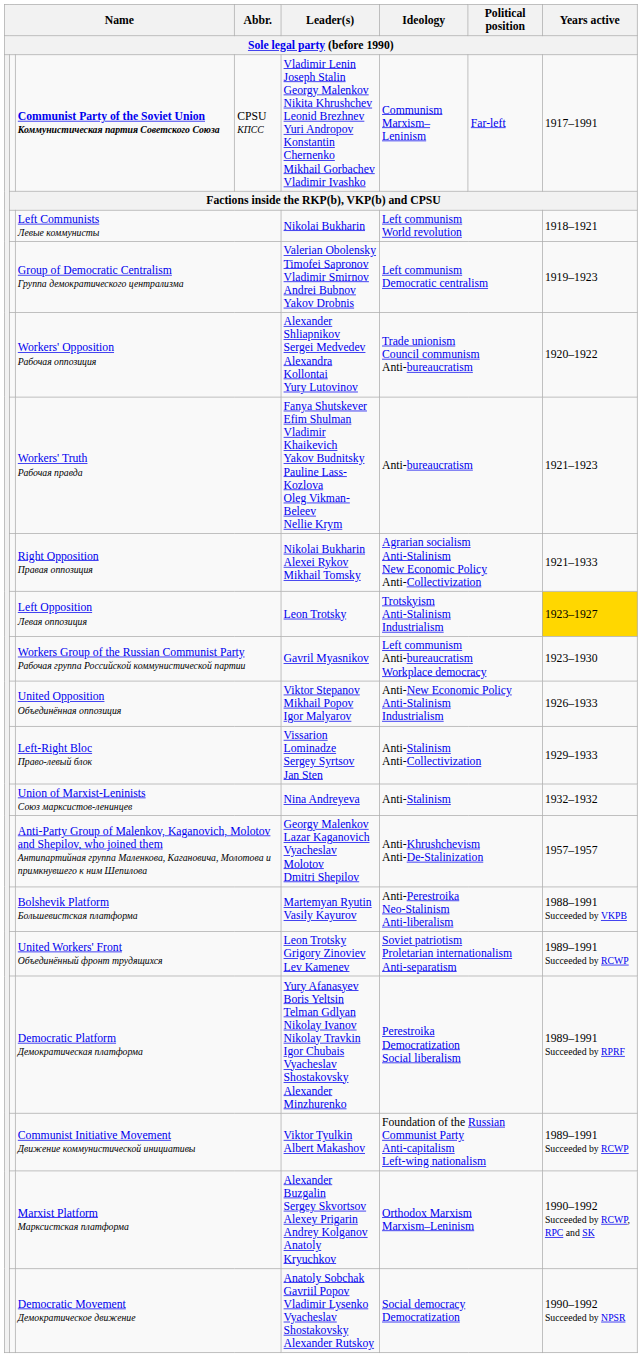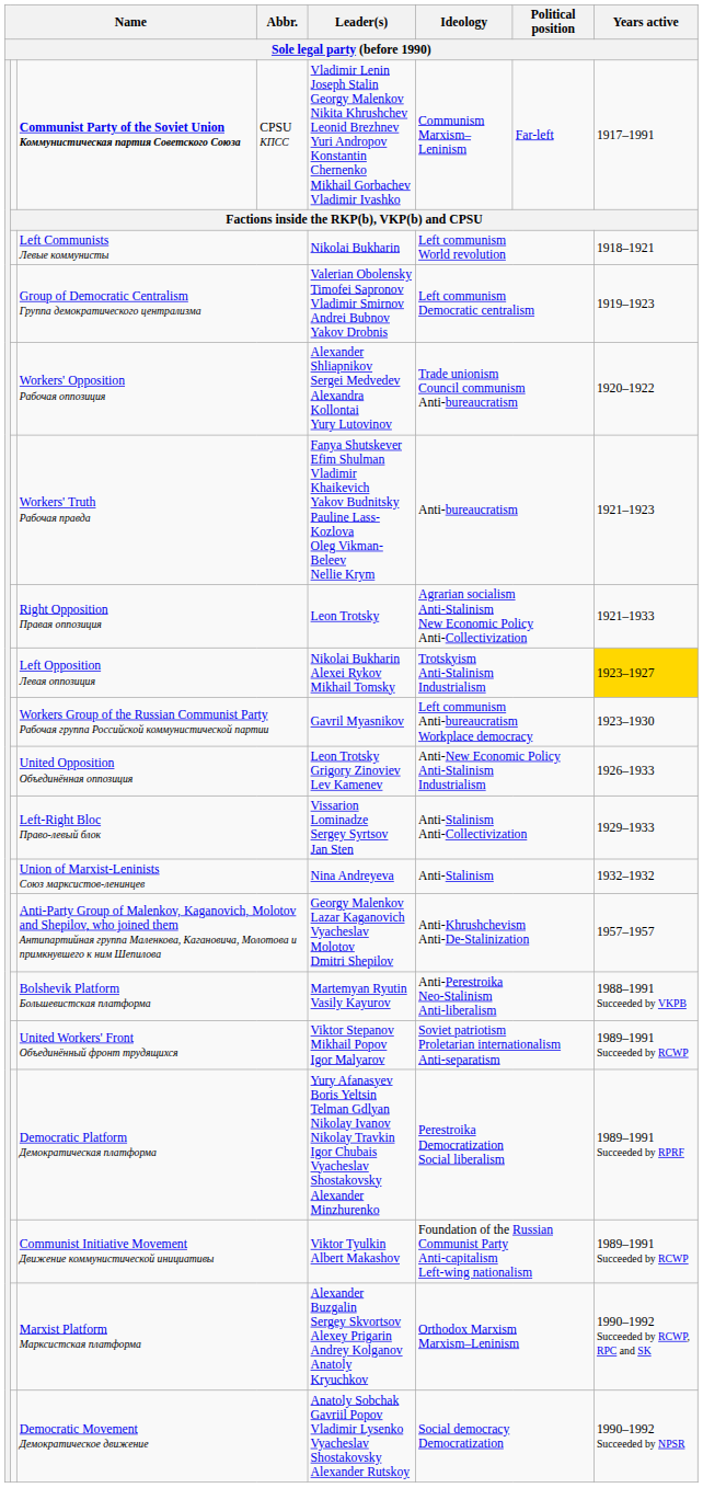 <table class="wikitable sortable">
 <tr>
 <th colspan=3>Name</th>
 <th>Abbr.</th>
 <th>Leader(s)</th>
 <th>Ideology</th>
 <th>Political position</th>
 <th>Years active</th>
 </tr>
 <tr>
 <th colspan=8><a href='#'>Sole legal party</a> (before 1990)</th>
 </tr>
 <tr>
 <th rowspan=28 style="background:"></th>
 <td></td>
 <td><strong><a href='#'>Communist Party of the Soviet Union</a><br><small><em>Коммунистическая партия Советского Союза</em></small></strong></td>
 <td>CPSU<br><small><em>КПСС</em></small></td>
 <td><a href='#'>Vladimir Lenin</a><br><a href='#'>Joseph Stalin</a><br><a href='#'>Georgy Malenkov</a><br><a href='#'>Nikita Khrushchev</a><br><a href='#'>Leonid Brezhnev</a><br><a href='#'>Yuri Andropov</a><br><a href='#'>Konstantin Chernenko</a><br><a href='#'>Mikhail Gorbachev</a><br><a href='#'>Vladimir Ivashko</a></td>
 <td><a href='#'>Communism</a><br><a href='#'>Marxism–Leninism</a></td>
 <td><a href='#'>Far-left</a></td>
 <td>1917–1991</td>
 </tr>
 <tr>
 <th colspan=7>Factions inside the RKP(b), VKP(b) and CPSU</th>
 </tr>
 <tr>
 <td></td>
 <td colspan=2><a href='#'>Left Communists</a><br><small><em>Левые коммунисты</em></small></td>
 <td><a href='#'>Nikolai Bukharin</a></td>
 <td colspan=2><a href='#'>Left communism</a><br><a href='#'>World revolution</a></td>
 <td>1918–1921</td>
 </tr>
 <tr>
 <td></td>
 <td colspan=2><a href='#'>Group of Democratic Centralism</a><br><small><em>Группа демократического централизма</em></small></td>
 <td><a href='#'>Valerian Obolensky</a><br><a href='#'>Timofei Sapronov</a><br><a href='#'>Vladimir Smirnov</a><br><a href='#'>Andrei Bubnov</a><br><a href='#'>Yakov Drobnis</a></td>
 <td colspan=2><a href='#'>Left communism</a><br><a href='#'>Democratic centralism</a></td>
 <td>1919–1923</td>
 </tr>
 <tr>
 <td></td>
 <td colspan=2><a href='#'>Workers' Opposition</a><br><small><em>Рабочая оппозиция</em></small></td>
 <td><a href='#'>Alexander Shliapnikov</a><br><a href='#'>Sergei Medvedev</a><br><a href='#'>Alexandra Kollontai</a><br><a href='#'>Yury Lutovinov</a></td>
 <td colspan=2><a href='#'>Trade unionism</a><br><a href='#'>Council communism</a><br>Anti-<a href='#'>bureaucratism</a></td>
 <td>1920–1922</td>
 </tr>
 <tr>
 <td></td>
 <td colspan=2><a href='#'>Workers' Truth</a><br><small><em>Рабочая правда</em></small></td>
 <td><a href='#'>Fanya Shutskever</a><br><a href='#'>Efim Shulman</a><br><a href='#'>Vladimir Khaikevich</a><br><a href='#'>Yakov Budnitsky</a><br><a href='#'>Pauline Lass-Kozlova</a><br><a href='#'>Oleg Vikman-Beleev</a><br><a href='#'>Nellie Krym</a></td>
 <td colspan=2>Anti-<a href='#'>bureaucratism</a></td>
 <td>1921–1923</td>
 </tr>
 <tr>
 <td></td>
 <td colspan=2><a href='#'>Right Opposition</a><br><small><em>Правая оппозиция</em></small></td>
-<td><a href='#'>Nikolai Bukharin</a><br><a href='#'>Alexei Rykov</a><br><a href='#'>Mikhail Tomsky</a></td>
+<td><a href='#'>Leon Trotsky</a></td>
 <td colspan=2><a href='#'>Agrarian socialism</a><br><a href='#'>Anti-Stalinism</a><br><a href='#'>New Economic Policy</a><br>Anti-<a href='#'>Collectivization</a></td>
 <td>1921–1933</td>
 </tr>
 <tr>
 <td></td>
 <td colspan=2><a href='#'>Left Opposition</a><br><small><em>Левая оппозиция</em></small></td>
-<td><a href='#'>Leon Trotsky</a></td>
+<td><a href='#'>Nikolai Bukharin</a><br><a href='#'>Alexei Rykov</a><br><a href='#'>Mikhail Tomsky</a></td>
 <td colspan=2><a href='#'>Trotskyism</a><br><a href='#'>Anti-Stalinism</a><br><a href='#'>Industrialism</a></td>
 <td style="background: gold;">1923–1927</td>
 </tr>
 <tr>
 <td></td>
 <td colspan=2><a href='#'>Workers Group of the Russian Communist Party</a><br><small><em>Рабочая группа Российской коммунистической партии</em></small></td>
 <td><a href='#'>Gavril Myasnikov</a></td>
 <td colspan=2><a href='#'>Left communism</a><br>Anti-<a href='#'>bureaucratism</a><br><a href='#'>Workplace democracy</a></td>
 <td>1923–1930</td>
 </tr>
 <tr>
 <td></td>
 <td colspan=2><a href='#'>United Opposition</a><br><small><em>Объединённая оппозиция</em></small></td>
-<td><a href='#'>Viktor Stepanov</a><br><a href='#'>Mikhail Popov</a><br><a href='#'>Igor Malyarov</a></td>
+<td><a href='#'>Leon Trotsky</a><br><a href='#'>Grigory Zinoviev</a><br><a href='#'>Lev Kamenev</a></td>
 <td colspan=2>Anti-<a href='#'>New Economic Policy</a><br><a href='#'>Anti-Stalinism</a><br><a href='#'>Industrialism</a></td>
 <td>1926–1933</td>
 </tr>
 <tr>
 <td></td>
 <td colspan=2><a href='#'>Left-Right Bloc</a><br><small><em>Право-левый блок</em></small></td>
 <td><a href='#'>Vissarion Lominadze</a><br><a href='#'>Sergey Syrtsov</a><br><a href='#'>Jan Sten</a></td>
 <td colspan=2>Anti-<a href='#'>Stalinism</a><br>Anti-<a href='#'>Collectivization</a></td>
 <td>1929–1933</td>
 </tr>
 <tr>
 <td></td>
 <td colspan=2><a href='#'>Union of Marxist-Leninists</a><br><small><em>Союз марксистов-ленинцев</em></small></td>
 <td><a href='#'>Nina Andreyeva</a></td>
 <td colspan=2>Anti-<a href='#'>Stalinism</a></td>
 <td>1932–1932</td>
 </tr>
 <tr>
 <td></td>
 <td colspan=2><a href='#'>Anti-Party Group of Malenkov, Kaganovich, Molotov and Shepilov, who joined them</a><br><small><em>Антипартийная группа Маленкова, Кагановича, Молотова и примкнувшего к ним Шепилова</em></small></td>
 <td><a href='#'>Georgy Malenkov</a><br><a href='#'>Lazar Kaganovich</a><br><a href='#'>Vyacheslav Molotov</a><br><a href='#'>Dmitri Shepilov</a></td>
 <td colspan=2>Anti-<a href='#'>Khrushchevism</a><br>Anti-<a href='#'>De-Stalinization</a></td>
 <td>1957–1957</td>
 </tr>
 <tr>
 <td></td>
 <td colspan=2><a href='#'>Bolshevik Platform</a><br><small><em>Большевистская платформа</em></small></td>
 <td><a href='#'>Martemyan Ryutin</a><br><a href='#'>Vasily Kayurov</a></td>
 <td colspan=2>Anti-<a href='#'>Perestroika</a><br><a href='#'>Neo-Stalinism</a><br><a href='#'>Anti-liberalism</a></td>
 <td>1988–1991<br><small>Succeeded by <a href='#'>VKPB</a></small></td>
 </tr>
 <tr>
 <td></td>
 <td colspan=2><a href='#'>United Workers' Front</a><br><small><em>Объединённый фронт трудящихся</em></small></td>
-<td><a href='#'>Leon Trotsky</a><br><a href='#'>Grigory Zinoviev</a><br><a href='#'>Lev Kamenev</a></td>
+<td><a href='#'>Viktor Stepanov</a><br><a href='#'>Mikhail Popov</a><br><a href='#'>Igor Malyarov</a></td>
 <td colspan=2><a href='#'>Soviet patriotism</a><br><a href='#'>Proletarian internationalism</a><br><a href='#'>Anti-separatism</a></td>
 <td>1989–1991<br><small>Succeeded by <a href='#'>RCWP</a></small></td>
 </tr>
 <tr>
 <td></td>
 <td colspan=2><a href='#'>Democratic Platform</a><br><small><em>Демократическая платформа</em></small></td>
 <td><a href='#'>Yury Afanasyev</a><br><a href='#'>Boris Yeltsin</a><br><a href='#'>Telman Gdlyan</a><br><a href='#'>Nikolay Ivanov</a><br><a href='#'>Nikolay Travkin</a><br><a href='#'>Igor Chubais</a><br><a href='#'>Vyacheslav Shostakovsky</a><br><a href='#'>Alexander Minzhurenko</a></td>
 <td colspan=2><a href='#'>Perestroika</a><br><a href='#'>Democratization</a><br><a href='#'>Social liberalism</a></td>
 <td>1989–1991<br><small>Succeeded by <a href='#'>RPRF</a></small></td>
 </tr>
 <tr>
 <td></td>
 <td colspan=2><a href='#'>Communist Initiative Movement</a><br><small><em>Движение коммунистической инициативы</em></small></td>
 <td><a href='#'>Viktor Tyulkin</a><br><a href='#'>Albert Makashov</a></td>
 <td colspan=2>Foundation of the <a href='#'>Russian Communist Party</a><br><a href='#'>Anti-capitalism</a><br><a href='#'>Left-wing nationalism</a></td>
 <td>1989–1991<br><small>Succeeded by <a href='#'>RCWP</a></small></td>
 </tr>
 <tr>
 <td></td>
 <td colspan=2><a href='#'>Marxist Platform</a><br><small><em>Марксистская платформа</em></small></td>
 <td><a href='#'>Alexander Buzgalin</a><br><a href='#'>Sergey Skvortsov</a><br><a href='#'>Alexey Prigarin</a><br><a href='#'>Andrey Kolganov</a><br><a href='#'>Anatoly Kryuchkov</a></td>
 <td colspan=2><a href='#'>Orthodox Marxism</a><br><a href='#'>Marxism–Leninism</a></td>
 <td>1990–1992<br><small>Succeeded by <a href='#'>RCWP</a>, <a href='#'>RPC</a> and <a href='#'>SK</a></small></td>
 </tr>
 <tr>
 <td></td>
 <td colspan=2><a href='#'>Democratic Movement</a><br><small><em>Демократическое движение</em></small></td>
 <td><a href='#'>Anatoly Sobchak</a><br><a href='#'>Gavriil Popov</a><br><a href='#'>Vladimir Lysenko</a><br><a href='#'>Vyacheslav Shostakovsky</a><br><a href='#'>Alexander Rutskoy</a></td>
 <td colspan=2><a href='#'>Social democracy</a><br><a href='#'>Democratization</a></td>
 <td>1990–1992<br><small>Succeeded by <a href='#'>NPSR</a></small></td>
 </tr>
 </table>
